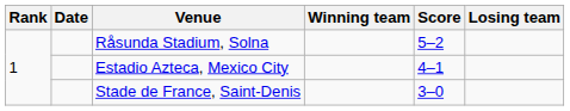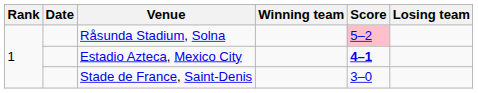 <table class="wikitable sortable">
 <tr>
 <th>Rank</th>
 <th>Date</th>
 <th>Venue</th>
 <th>Winning team</th>
 <th>Score</th>
 <th>Losing team</th>
 </tr>
 <tr>
 <td rowspan=3>1</td>
 <td></td>
 <td><a href='#'>Råsunda Stadium</a>, <a href='#'>Solna</a></td>
 <td></td>
-<td><a href='#'>5–2</a></td>
+<td style="background: pink;"><a href='#'>5–2</a></td>
 <td></td>
 </tr>
 <tr>
 <td></td>
 <td><a href='#'>Estadio Azteca</a>, <a href='#'>Mexico City</a></td>
 <td></td>
-<td><a href='#'>4–1</a></td>
+<td><strong><a href='#'>4–1</a></strong></td>
 <td></td>
 </tr>
 <tr>
 <td></td>
 <td><a href='#'>Stade de France</a>, <a href='#'>Saint-Denis</a></td>
 <td></td>
 <td><a href='#'>3–0</a></td>
 <td></td>
 </tr>
 </table>
